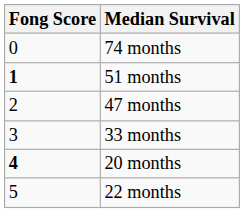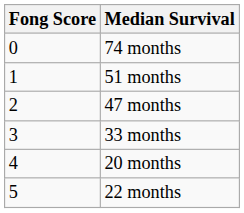 <table class="wikitable">
 <tr>
 <th>Fong Score</th>
 <th>Median Survival</th>
 </tr>
 <tr>
 <td>0</td>
 <td>74 months</td>
 </tr>
 <tr>
-<td><strong>1</strong></td>
+<td>1</td>
 <td>51 months</td>
 </tr>
 <tr>
 <td>2</td>
 <td>47 months</td>
 </tr>
 <tr>
 <td>3</td>
 <td>33 months</td>
 </tr>
 <tr>
-<td><strong>4</strong></td>
+<td>4</td>
 <td>20 months</td>
 </tr>
 <tr>
 <td>5</td>
 <td>22 months</td>
 </tr>
 </table>
